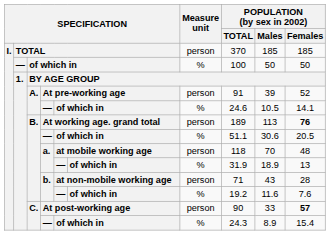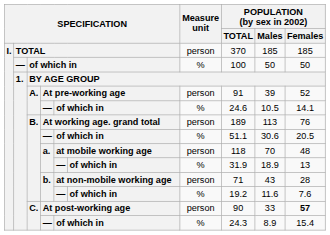 <table class="wikitable" style="font-size:85%; text-align:center">
 <tr>
 <th rowspan="2" colspan="6">SPECIFICATION</th>
 <th rowspan="2">Measure<br> unit</th>
 <th colspan="3" rowspan="1">POPULATION<br> (by sex in 2002)</th>
 </tr>
 <tr>
 <th>TOTAL</th>
 <th>Males</th>
 <th>Females</th>
 </tr>
 <tr>
 <th style="text-align:left" valign="top" rowspan="13">I.</th>
 <th style="text-align:left" colspan="5">TOTAL</th>
 <td>person</td>
 <td>370</td>
 <td>185</td>
 <td>185</td>
 </tr>
 <tr>
 <th style="text-align:left" valign="top">—</th>
 <th style="text-align:left" colspan="4">of which in</th>
 <td>%</td>
 <td>100</td>
 <td>50</td>
 <td>50</td>
 </tr>
 <tr>
 <th style="text-align:left" valign="top" rowspan="11">1.</th>
 <th style="text-align:left" colspan="19">BY AGE GROUP</th>
 </tr>
 <tr>
 <th style="text-align:left" valign="top" rowspan="2">A.</th>
 <th style="text-align:left" colspan="3">At pre-working age</th>
 <td>person</td>
 <td>91</td>
 <td>39</td>
 <td>52</td>
 </tr>
 <tr>
 <th style="text-align:left" valign="top">—</th>
 <th style="text-align:left" valign="top" colspan="2">of which in</th>
 <td>%</td>
 <td>24.6</td>
 <td>10.5</td>
 <td>14.1</td>
 </tr>
 <tr>
 <th style="text-align:left" valign="top" rowspan="6">B.</th>
 <th style="text-align:left" colspan="3">At working age. grand total</th>
 <td>person</td>
 <td>189</td>
 <td>113</td>
-<td><strong>76</strong></td>
+<td>76</td>
 </tr>
 <tr>
 <th style="text-align:left" valign="top">—</th>
 <th style="text-align:left" valign="top" colspan="2">of which in</th>
 <td>%</td>
 <td>51.1</td>
 <td>30.6</td>
 <td>20.5</td>
 </tr>
 <tr>
 <th style="text-align:left" valign="top" rowspan="2">a.</th>
 <th style="text-align:left" colspan="2">at mobile working age</th>
 <td>person</td>
 <td>118</td>
 <td>70</td>
 <td>48</td>
 </tr>
 <tr>
 <th style="text-align:left" valign="top">—</th>
 <th style="text-align:left" valign="top" colspan="1">of which in                        </th>
 <td>%</td>
 <td>31.9</td>
 <td>18.9</td>
 <td>13</td>
 </tr>
 <tr>
 <th style="text-align:left" valign="top" rowspan="2">b.</th>
 <th style="text-align:left" colspan="2">at non-mobile working age</th>
 <td>person</td>
 <td>71</td>
 <td>43</td>
 <td>28</td>
 </tr>
 <tr>
 <th style="text-align:left" valign="top">—</th>
 <th style="text-align:left" valign="top" colspan="1">of which in                        </th>
 <td>%</td>
 <td>19.2</td>
 <td>11.6</td>
 <td>7.6</td>
 </tr>
 <tr>
 <th style="text-align:left" valign="top" rowspan="2">C.</th>
 <th style="text-align:left" colspan="3">At post-working age</th>
 <td>person</td>
 <td>90</td>
 <td>33</td>
 <td><strong>57</strong></td>
 </tr>
 <tr>
 <th style="text-align:left" valign="top">—</th>
 <th style="text-align:left" valign="top" colspan="2">of which in</th>
 <td>%</td>
 <td>24.3</td>
 <td>8.9</td>
 <td>15.4</td>
 </tr>
 </table>
